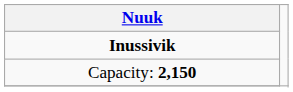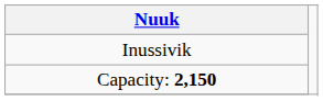 <table class="wikitable" style="text-align:center" align=center>
 <tr>
 <th><a href='#'>Nuuk</a></th>
 <td rowspan=8></td>
 </tr>
 <tr>
-<td width=250px><strong>Inussivik</strong></td>
+<td width=250px>Inussivik</td>
 </tr>
 <tr>
 <td>Capacity: <strong>2,150</strong></td>
 </tr>
 <tr>
 </tr>
 </table>
